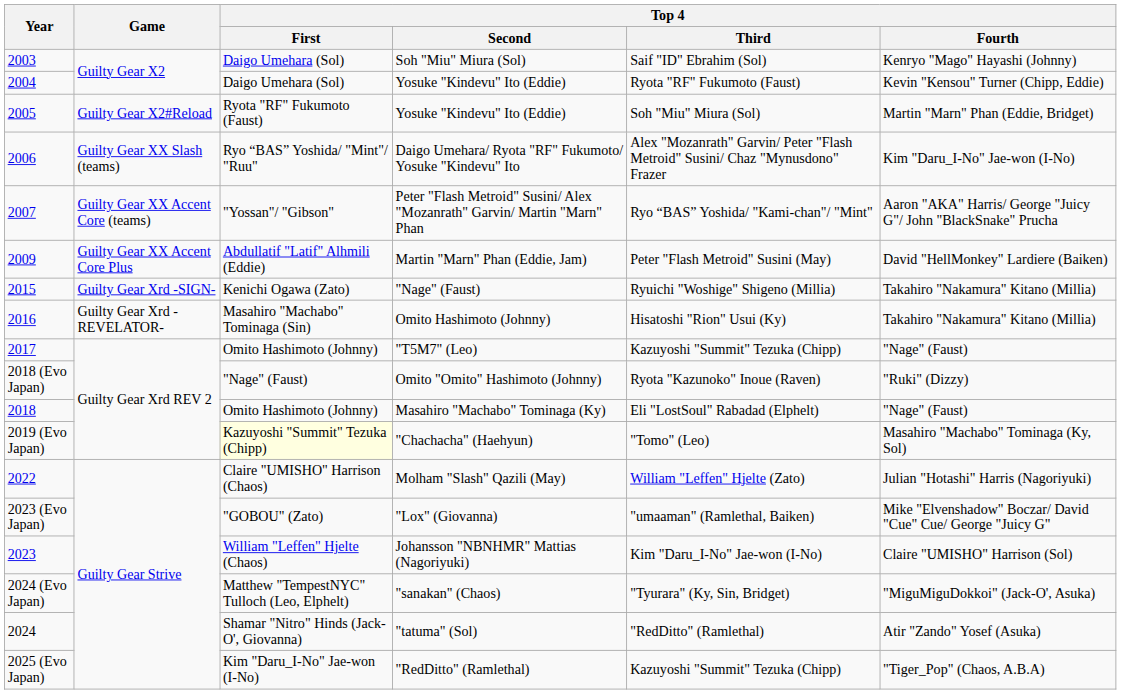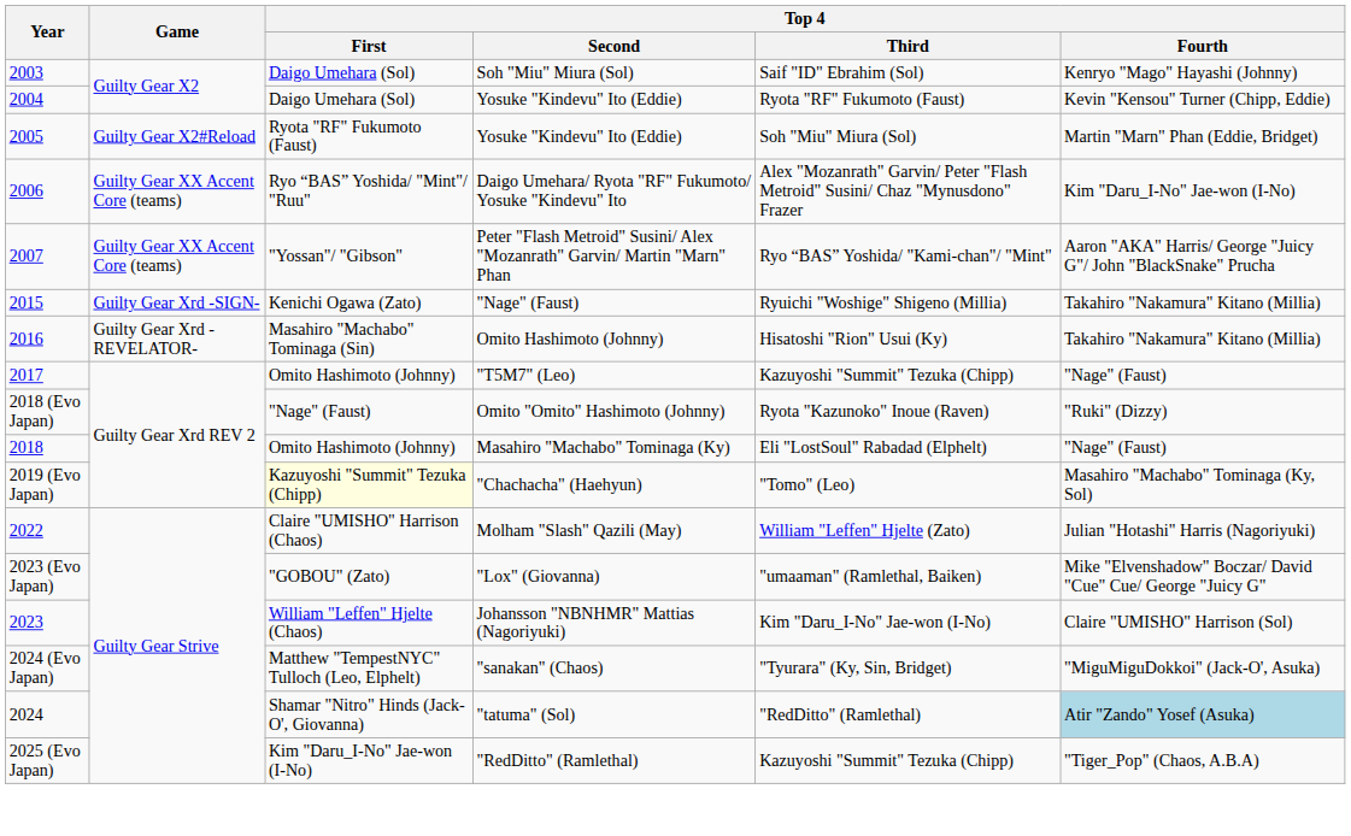 <table class="wikitable sortable" width=100%>
 <tr>
 <th rowspan=2>Year</th>
 <th rowspan=2>Game</th>
 <th colspan=4>Top 4</th>
 </tr>
 <tr>
 <th>First</th>
 <th>Second</th>
 <th>Third</th>
 <th>Fourth</th>
 </tr>
 <tr>
 <td><a href='#'>2003</a></td>
 <td rowspan="2="><a href='#'>Guilty Gear X2</a></td>
 <td> <a href='#'>Daigo Umehara</a> (Sol)</td>
 <td> Soh "Miu" Miura (Sol)</td>
 <td> Saif "ID" Ebrahim (Sol)</td>
 <td> Kenryo "Mago" Hayashi (Johnny)</td>
 </tr>
 <tr>
 <td><a href='#'>2004</a></td>
 <td> Daigo Umehara (Sol)</td>
 <td> Yosuke "Kindevu" Ito (Eddie)</td>
 <td> Ryota "RF" Fukumoto (Faust)</td>
 <td> Kevin "Kensou" Turner (Chipp, Eddie)</td>
 </tr>
 <tr>
 <td><a href='#'>2005</a></td>
 <td><a href='#'>Guilty Gear X2#Reload</a></td>
 <td> Ryota "RF" Fukumoto (Faust)</td>
 <td> Yosuke "Kindevu" Ito (Eddie)</td>
 <td> Soh "Miu" Miura (Sol)</td>
 <td> Martin "Marn" Phan (Eddie, Bridget)</td>
 </tr>
 <tr>
 <td><a href='#'>2006</a></td>
-<td><a href='#'>Guilty Gear XX Slash</a> (teams)</td>
+<td><a href='#'>Guilty Gear XX Accent Core</a> (teams)</td>
 <td> Ryo “BAS” Yoshida/ "Mint"/ "Ruu"</td>
 <td> Daigo Umehara/ Ryota "RF" Fukumoto/ Yosuke "Kindevu" Ito</td>
 <td> Alex "Mozanrath" Garvin/ Peter "Flash Metroid" Susini/ Chaz "Mynusdono" Frazer</td>
 <td> Kim "Daru_I-No" Jae-won (I-No)</td>
 </tr>
 <tr>
 <td><a href='#'>2007</a></td>
 <td><a href='#'>Guilty Gear XX Accent Core</a> (teams)</td>
 <td> "Yossan"/ "Gibson"</td>
 <td> Peter "Flash Metroid" Susini/ Alex "Mozanrath" Garvin/ Martin "Marn" Phan</td>
 <td> Ryo “BAS” Yoshida/ "Kami-chan"/ "Mint"</td>
 <td> Aaron "AKA" Harris/ George "Juicy G"/ John "BlackSnake" Prucha</td>
-</tr>
-<tr>
-<td><a href='#'>2009</a></td>
-<td><a href='#'>Guilty Gear XX Accent Core Plus </a></td>
-<td> <a href='#'>Abdullatif "Latif" Alhmili</a> (Eddie)</td>
-<td> Martin "Marn" Phan (Eddie, Jam)</td>
-<td> Peter "Flash Metroid" Susini (May)</td>
-<td> David "HellMonkey" Lardiere (Baiken)</td>
 </tr>
 <tr>
 <td><a href='#'>2015</a></td>
 <td><a href='#'>Guilty Gear Xrd -SIGN-</a></td>
 <td> Kenichi Ogawa (Zato)</td>
 <td> "Nage" (Faust)</td>
 <td> Ryuichi "Woshige" Shigeno (Millia)</td>
 <td> Takahiro "Nakamura" Kitano (Millia)</td>
 </tr>
 <tr>
 <td><a href='#'>2016</a></td>
 <td>Guilty Gear Xrd -REVELATOR-</td>
 <td> Masahiro "Machabo" Tominaga (Sin)</td>
 <td> Omito Hashimoto (Johnny)</td>
 <td> Hisatoshi "Rion" Usui (Ky)</td>
 <td> Takahiro "Nakamura" Kitano (Millia)</td>
 </tr>
 <tr>
 <td><a href='#'>2017</a></td>
 <td rowspan="4">Guilty Gear Xrd REV 2</td>
 <td> Omito Hashimoto (Johnny)</td>
 <td> "T5M7" (Leo)</td>
 <td> Kazuyoshi "Summit" Tezuka (Chipp)</td>
 <td> "Nage" (Faust)</td>
 </tr>
 <tr>
 <td>2018 (Evo Japan)</td>
 <td> "Nage" (Faust)</td>
 <td> Omito "Omito" Hashimoto (Johnny)</td>
 <td> Ryota "Kazunoko" Inoue (Raven)</td>
 <td> "Ruki" (Dizzy)</td>
 </tr>
 <tr>
 <td><a href='#'>2018</a></td>
 <td> Omito Hashimoto (Johnny)</td>
 <td> Masahiro "Machabo" Tominaga (Ky)</td>
 <td> Eli "LostSoul" Rabadad (Elphelt)</td>
 <td> "Nage" (Faust)</td>
 </tr>
 <tr>
 <td>2019 (Evo Japan)</td>
 <td style="background: lightyellow;"> Kazuyoshi "Summit" Tezuka (Chipp)</td>
 <td> "Chachacha" (Haehyun)</td>
 <td> "Tomo" (Leo)</td>
 <td> Masahiro "Machabo" Tominaga (Ky, Sol)</td>
 </tr>
 <tr>
 <td><a href='#'>2022</a></td>
 <td rowspan="6"><a href='#'>Guilty Gear Strive</a></td>
 <td> Claire "UMISHO" Harrison (Chaos)</td>
 <td> Molham "Slash" Qazili (May)</td>
 <td> <a href='#'>William "Leffen" Hjelte</a> (Zato)</td>
 <td> Julian "Hotashi" Harris (Nagoriyuki)</td>
 </tr>
 <tr>
 <td>2023 (Evo Japan)</td>
 <td> "GOBOU" (Zato)</td>
 <td> "Lox" (Giovanna)</td>
 <td> "umaaman" (Ramlethal, Baiken)</td>
 <td> Mike "Elvenshadow" Boczar/ David "Cue" Cue/ George "Juicy G"</td>
 </tr>
 <tr>
 <td><a href='#'>2023</a></td>
 <td> <a href='#'>William "Leffen" Hjelte</a> (Chaos)</td>
 <td> Johansson "NBNHMR" Mattias (Nagoriyuki)</td>
 <td> Kim "Daru_I-No" Jae-won  (I-No)</td>
 <td> Claire "UMISHO" Harrison (Sol)</td>
 </tr>
 <tr>
 <td>2024 (Evo Japan)</td>
 <td> Matthew "TempestNYC" Tulloch (Leo, Elphelt)</td>
 <td> "sanakan" (Chaos)</td>
 <td> "Tyurara" (Ky, Sin, Bridget)</td>
 <td> "MiguMiguDokkoi" (Jack-O', Asuka)</td>
 </tr>
 <tr>
 <td>2024</td>
 <td> Shamar "Nitro" Hinds (Jack-O', Giovanna)</td>
 <td> "tatuma" (Sol)</td>
 <td> "RedDitto" (Ramlethal)</td>
-<td> Atir "Zando" Yosef (Asuka)</td>
+<td style="background: lightblue;"> Atir "Zando" Yosef (Asuka)</td>
 </tr>
 <tr>
 <td>2025 (Evo Japan)</td>
 <td> Kim "Daru_I-No" Jae-won (I-No)</td>
 <td> "RedDitto" (Ramlethal)</td>
 <td> Kazuyoshi "Summit" Tezuka (Chipp)</td>
 <td> "Tiger_Pop" (Chaos, A.B.A)</td>
 </tr>
 </table>
